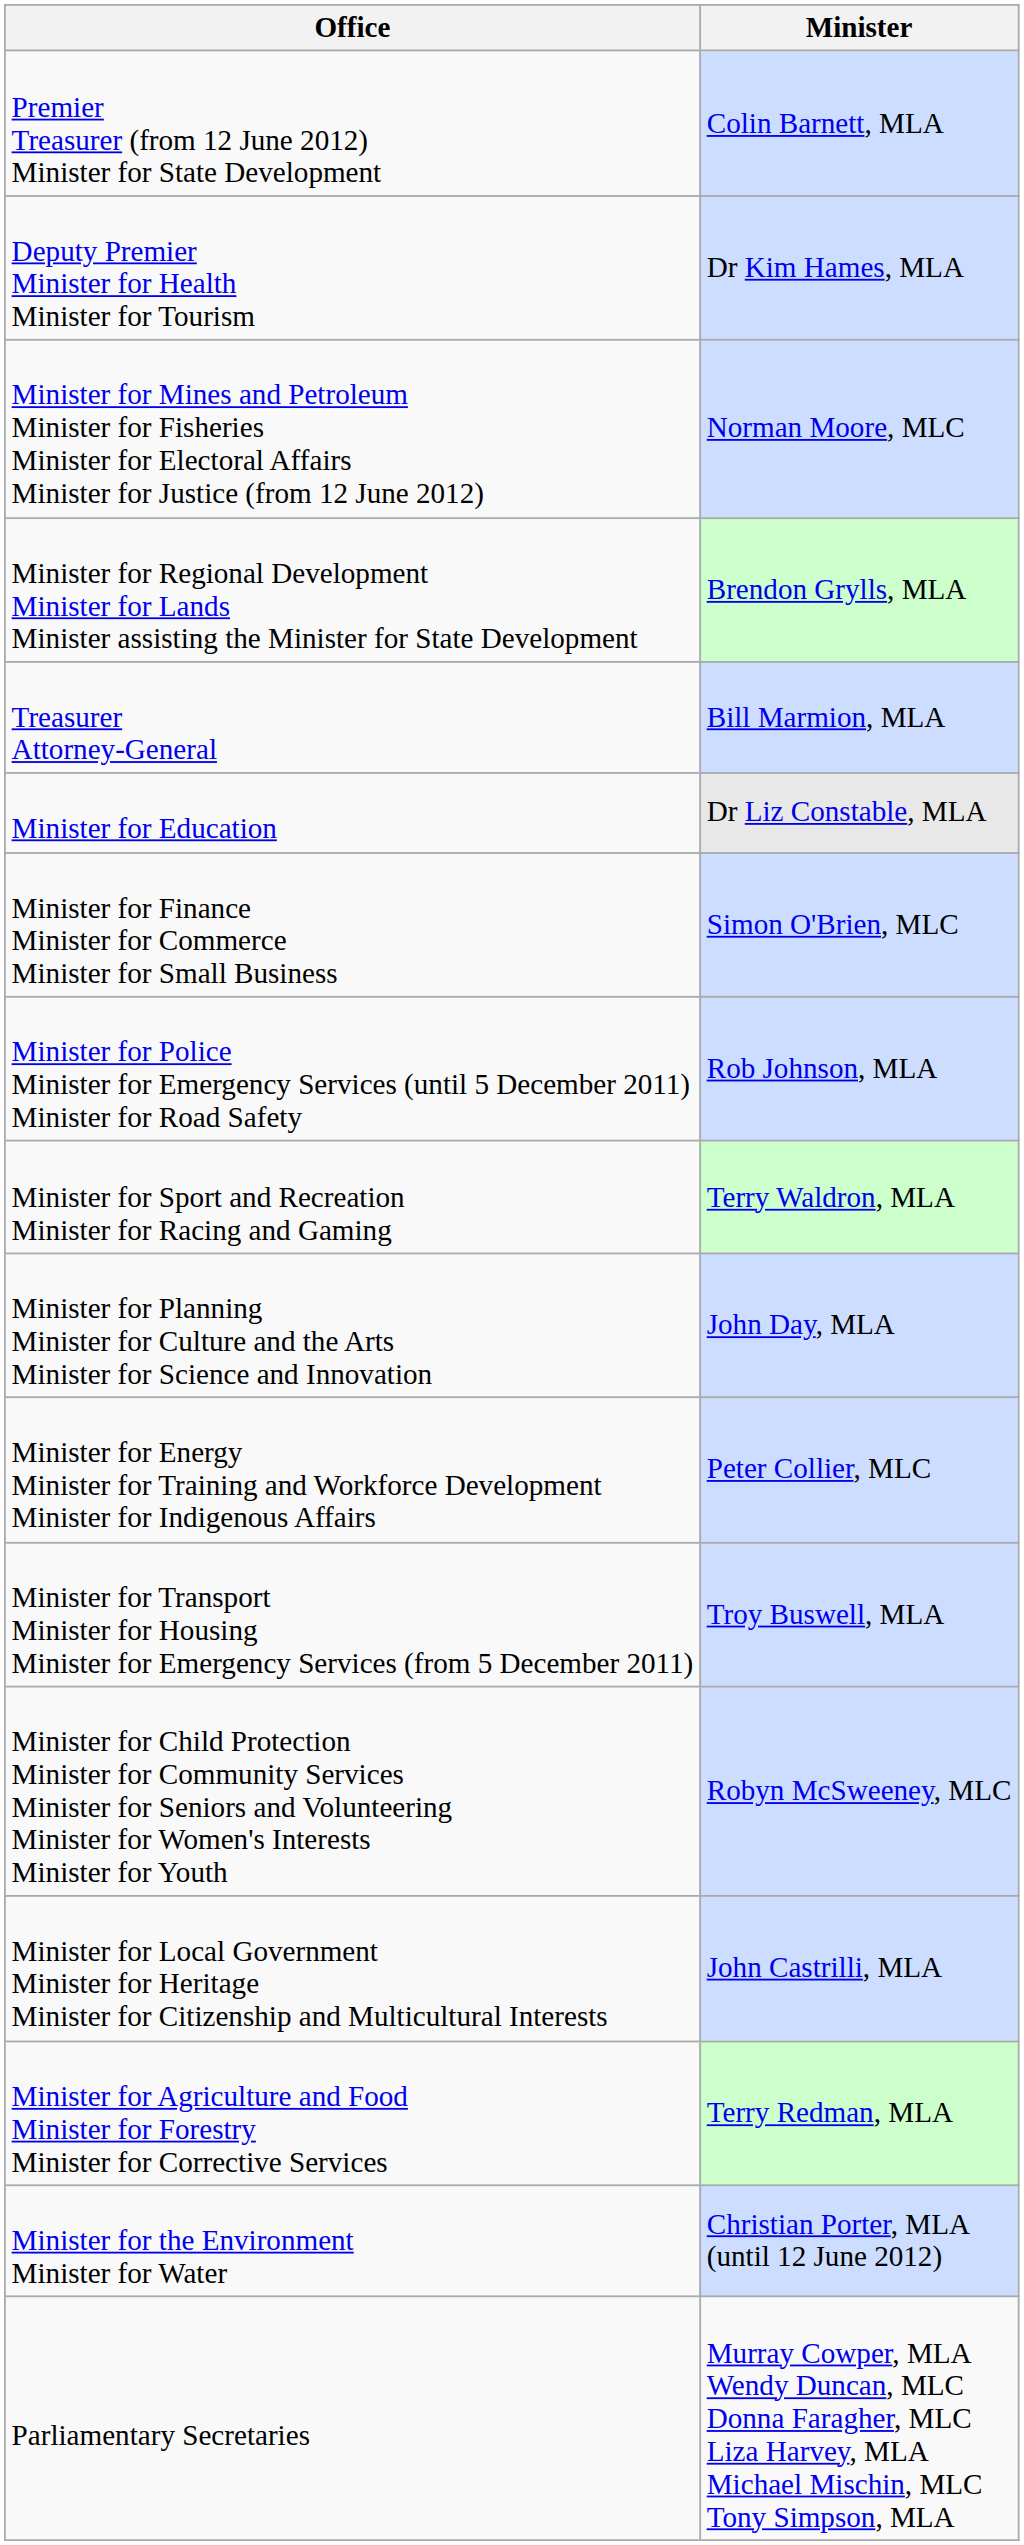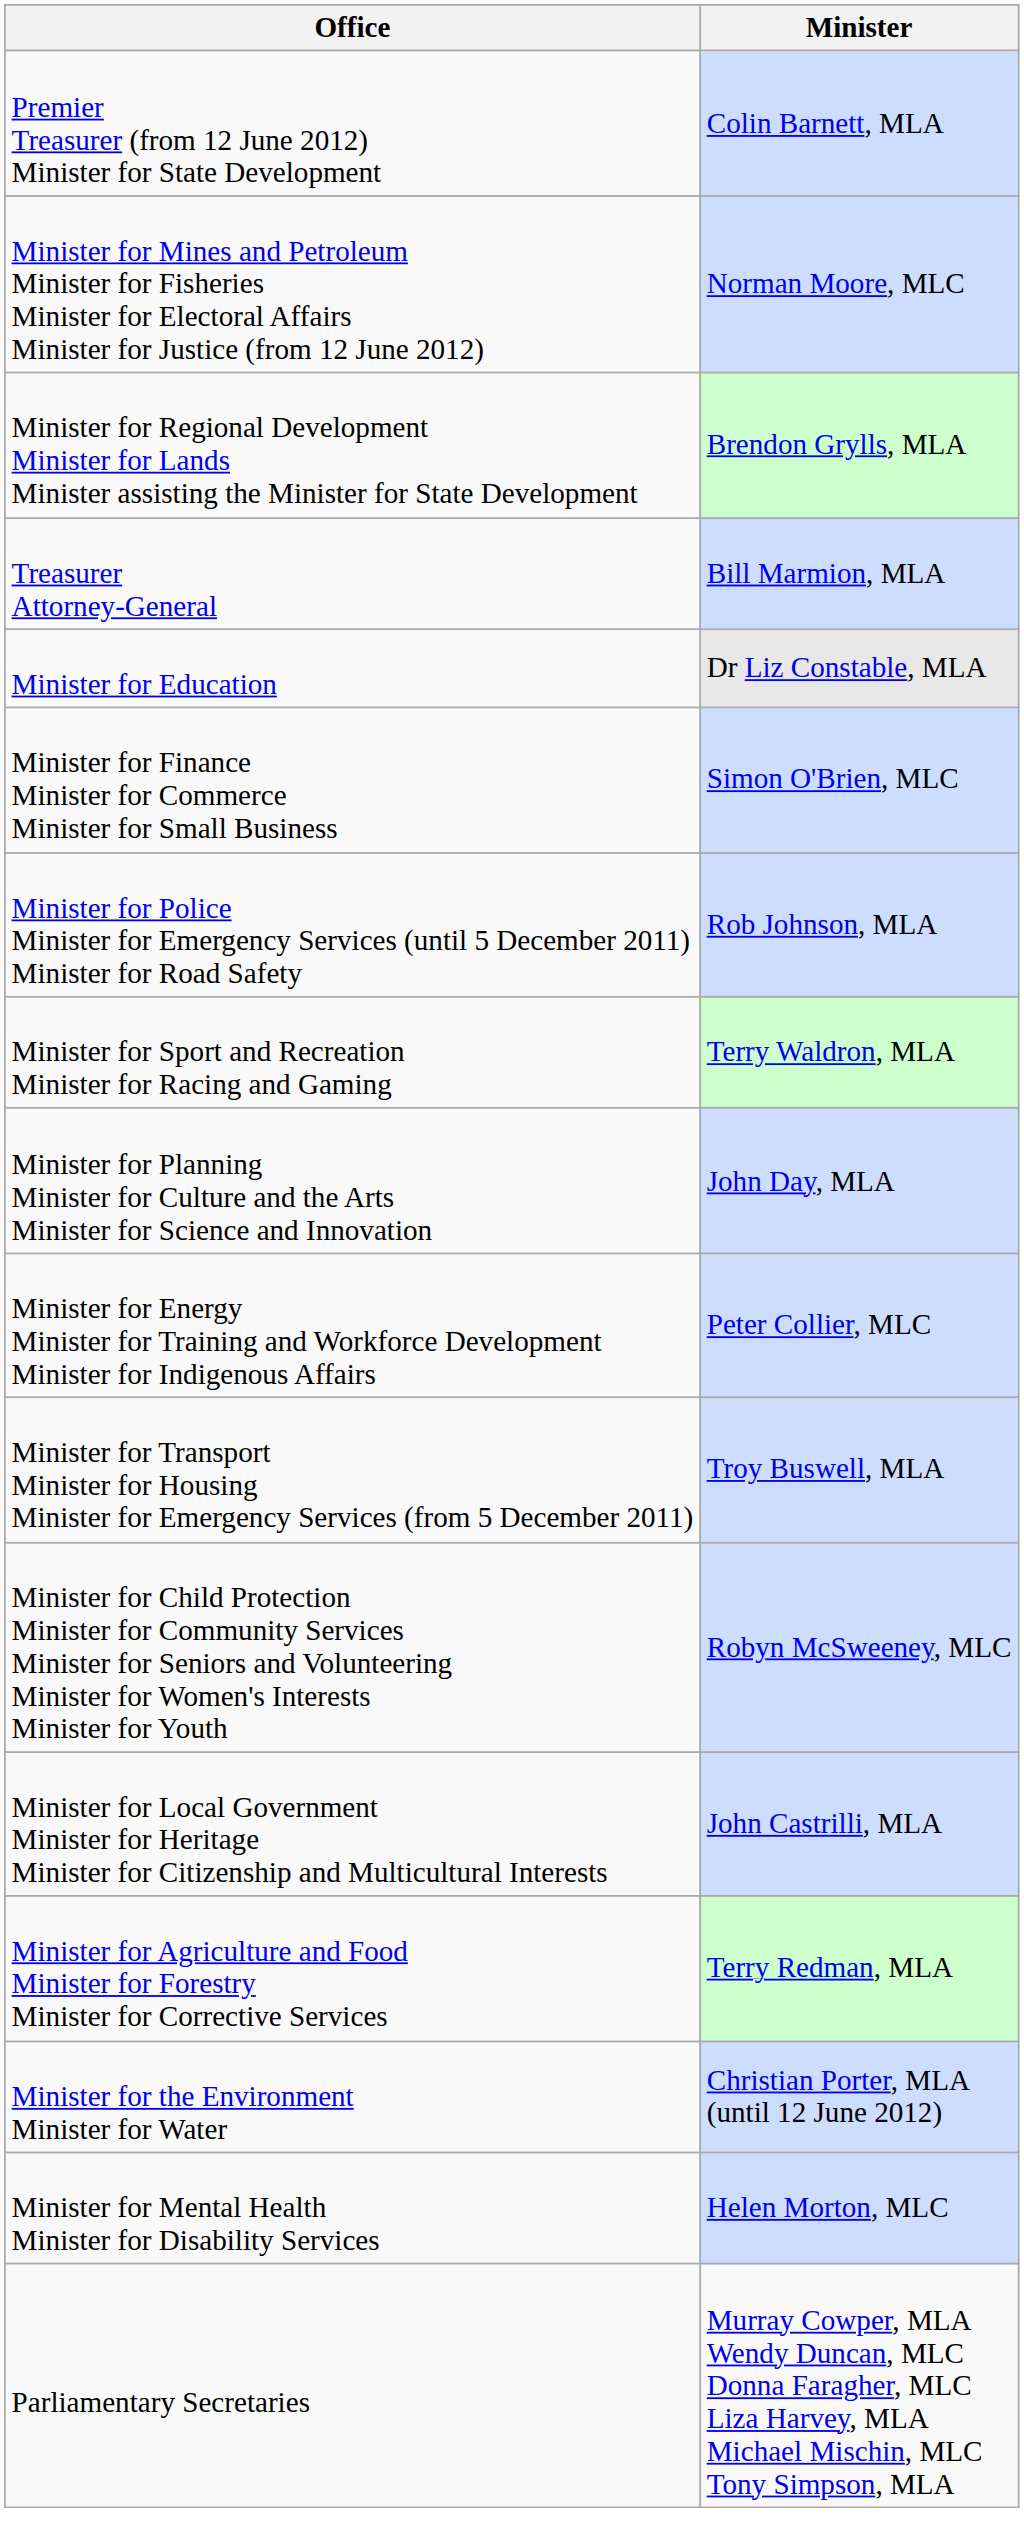 <table class="wikitable sortable">
 <tr>
 <th>Office</th>
 <th>Minister</th>
 </tr>
 <tr>
 <td><br><a href='#'>Premier</a><br> <a href='#'>Treasurer</a> (from 12 June 2012)<br> Minister for State Development</td>
 <td style="background:#CCDDFF"><a href='#'>Colin Barnett</a>, MLA</td>
-</tr>
-<tr>
-<td><br><a href='#'>Deputy Premier</a><br> <a href='#'>Minister for Health</a><br> Minister for Tourism</td>
-<td style="background:#CCDDFF">Dr <a href='#'>Kim Hames</a>, MLA</td>
 </tr>
 <tr>
 <td><br><a href='#'>Minister for Mines and Petroleum</a><br> Minister for Fisheries<br> Minister for Electoral Affairs<br> Minister for Justice (from 12 June 2012)</td>
 <td style="background:#CCDDFF"><a href='#'>Norman Moore</a>, MLC</td>
 </tr>
 <tr>
 <td><br>Minister for Regional Development<br> <a href='#'>Minister for Lands</a><br> Minister assisting the Minister for State Development</td>
 <td style="background:#CCFFCC"><a href='#'>Brendon Grylls</a>, MLA</td>
 </tr>
 <tr>
 <td><br><a href='#'>Treasurer</a><br> <a href='#'>Attorney-General</a></td>
 <td style="background:#CCDDFF"><a href='#'>Bill Marmion</a>, MLA</td>
 </tr>
 <tr>
 <td><br><a href='#'>Minister for Education</a></td>
 <td style="background:#E8E8E8">Dr <a href='#'>Liz Constable</a>, MLA</td>
 </tr>
 <tr>
 <td><br>Minister for Finance<br> Minister for Commerce<br> Minister for Small Business</td>
 <td style="background:#CCDDFF"><a href='#'>Simon O'Brien</a>, MLC</td>
 </tr>
 <tr>
 <td><br><a href='#'>Minister for Police</a><br> Minister for Emergency Services (until 5 December 2011)<br> Minister for Road Safety</td>
 <td style="background:#CCDDFF"><a href='#'>Rob Johnson</a>, MLA</td>
 </tr>
 <tr>
 <td><br>Minister for Sport and Recreation<br> Minister for Racing and Gaming</td>
 <td style="background:#CCFFCC"><a href='#'>Terry Waldron</a>, MLA</td>
 </tr>
 <tr>
 <td><br>Minister for Planning<br> Minister for Culture and the Arts<br> Minister for Science and Innovation</td>
 <td style="background:#CCDDFF"><a href='#'>John Day</a>, MLA</td>
 </tr>
 <tr>
 <td><br>Minister for Energy<br> Minister for Training and Workforce Development<br> Minister for Indigenous Affairs</td>
 <td style="background:#CCDDFF"><a href='#'>Peter Collier</a>, MLC</td>
 </tr>
 <tr>
 <td><br>Minister for Transport<br> Minister for Housing<br> Minister for Emergency Services (from 5 December 2011)</td>
 <td style="background:#CCDDFF"><a href='#'>Troy Buswell</a>, MLA<br></td>
 </tr>
 <tr>
 <td><br>Minister for Child Protection<br> Minister for Community Services<br> Minister for Seniors and Volunteering<br> Minister for Women's Interests<br> Minister for Youth</td>
 <td style="background:#CCDDFF"><a href='#'>Robyn McSweeney</a>, MLC</td>
 </tr>
 <tr>
 <td><br>Minister for Local Government<br> Minister for Heritage<br> Minister for Citizenship and Multicultural Interests</td>
 <td style="background:#CCDDFF"><a href='#'>John Castrilli</a>, MLA</td>
 </tr>
 <tr>
 <td><br><a href='#'>Minister for Agriculture and Food</a><br> <a href='#'>Minister for Forestry</a><br> Minister for Corrective Services</td>
 <td style="background:#CCFFCC"><a href='#'>Terry Redman</a>, MLA</td>
 </tr>
 <tr>
 <td><br><a href='#'>Minister for the Environment</a><br> Minister for Water</td>
 <td style="background:#CCDDFF"><a href='#'>Christian Porter</a>, MLA<br>(until 12 June 2012)</td>
 </tr>
 <tr>
+<td><br>Minister for Mental Health<br> Minister for Disability Services</td>
+<td style="background:#CCDDFF"><a href='#'>Helen Morton</a>, MLC</td>
+</tr>
+<tr>
 <td><br>Parliamentary Secretaries</td>
 <td><br><span><a href='#'>Murray Cowper</a>, MLA<br></span> <span><a href='#'>Wendy Duncan</a>, MLC</span><br> <span><a href='#'>Donna Faragher</a>, MLC<br> <a href='#'>Liza Harvey</a>, MLA<br> <a href='#'>Michael Mischin</a>, MLC<br> <a href='#'>Tony Simpson</a>, MLA </span></td>
 </tr>
 </table>
